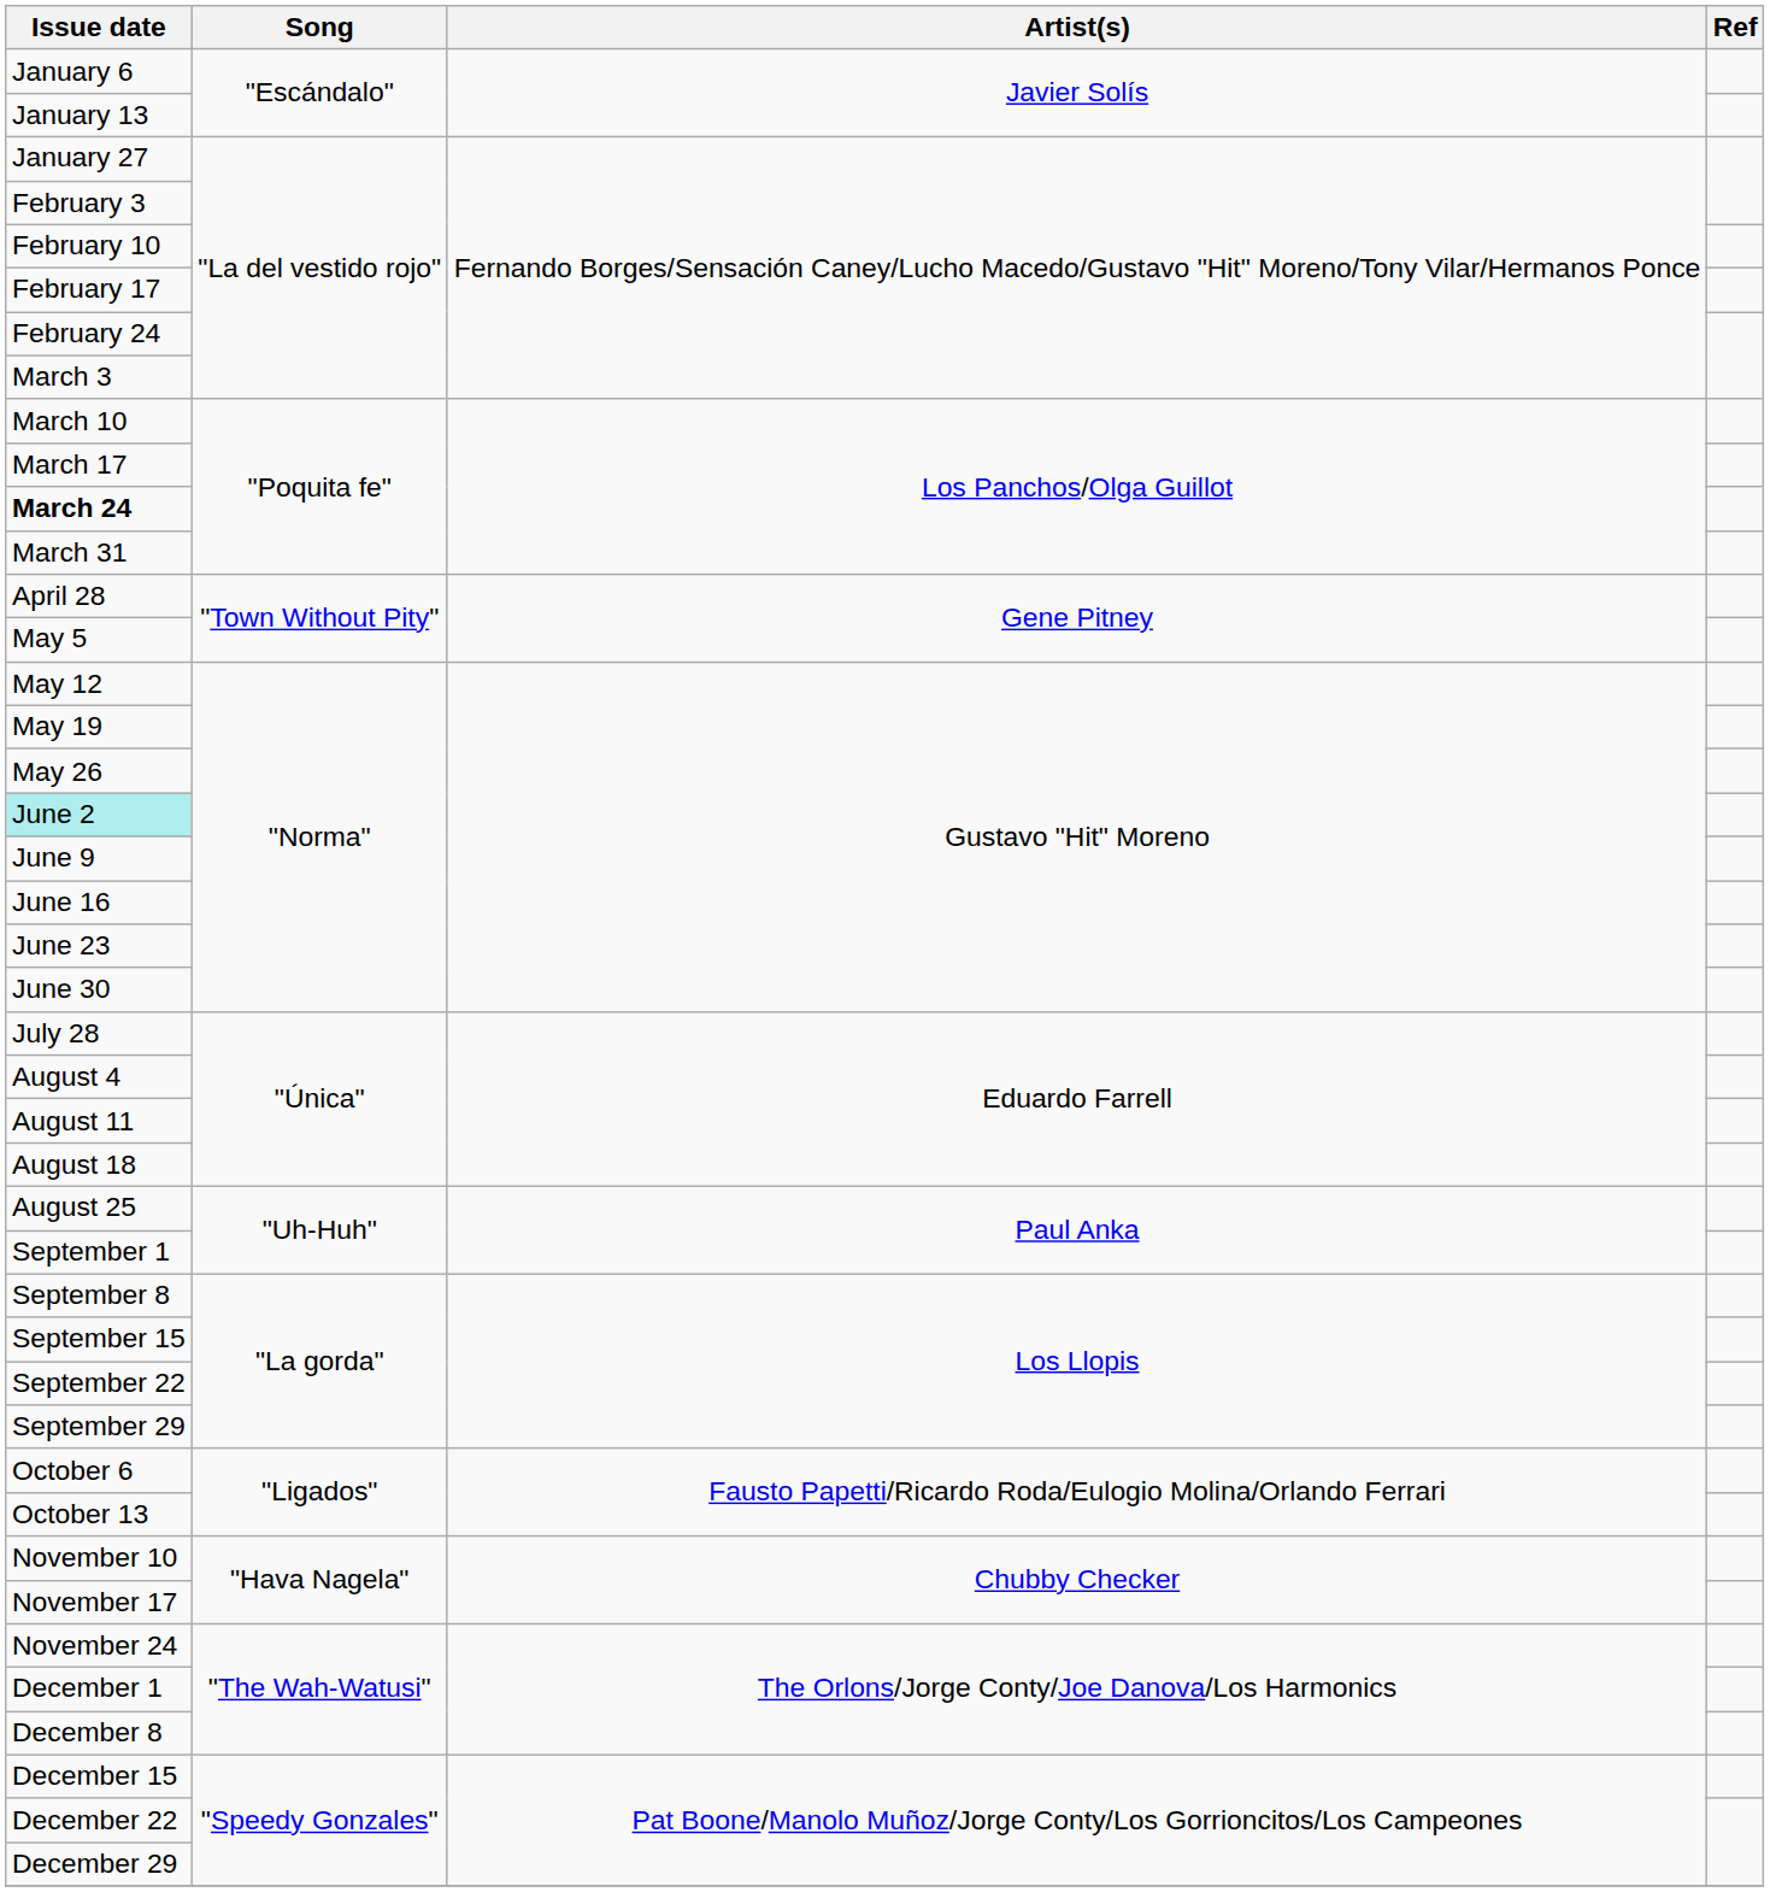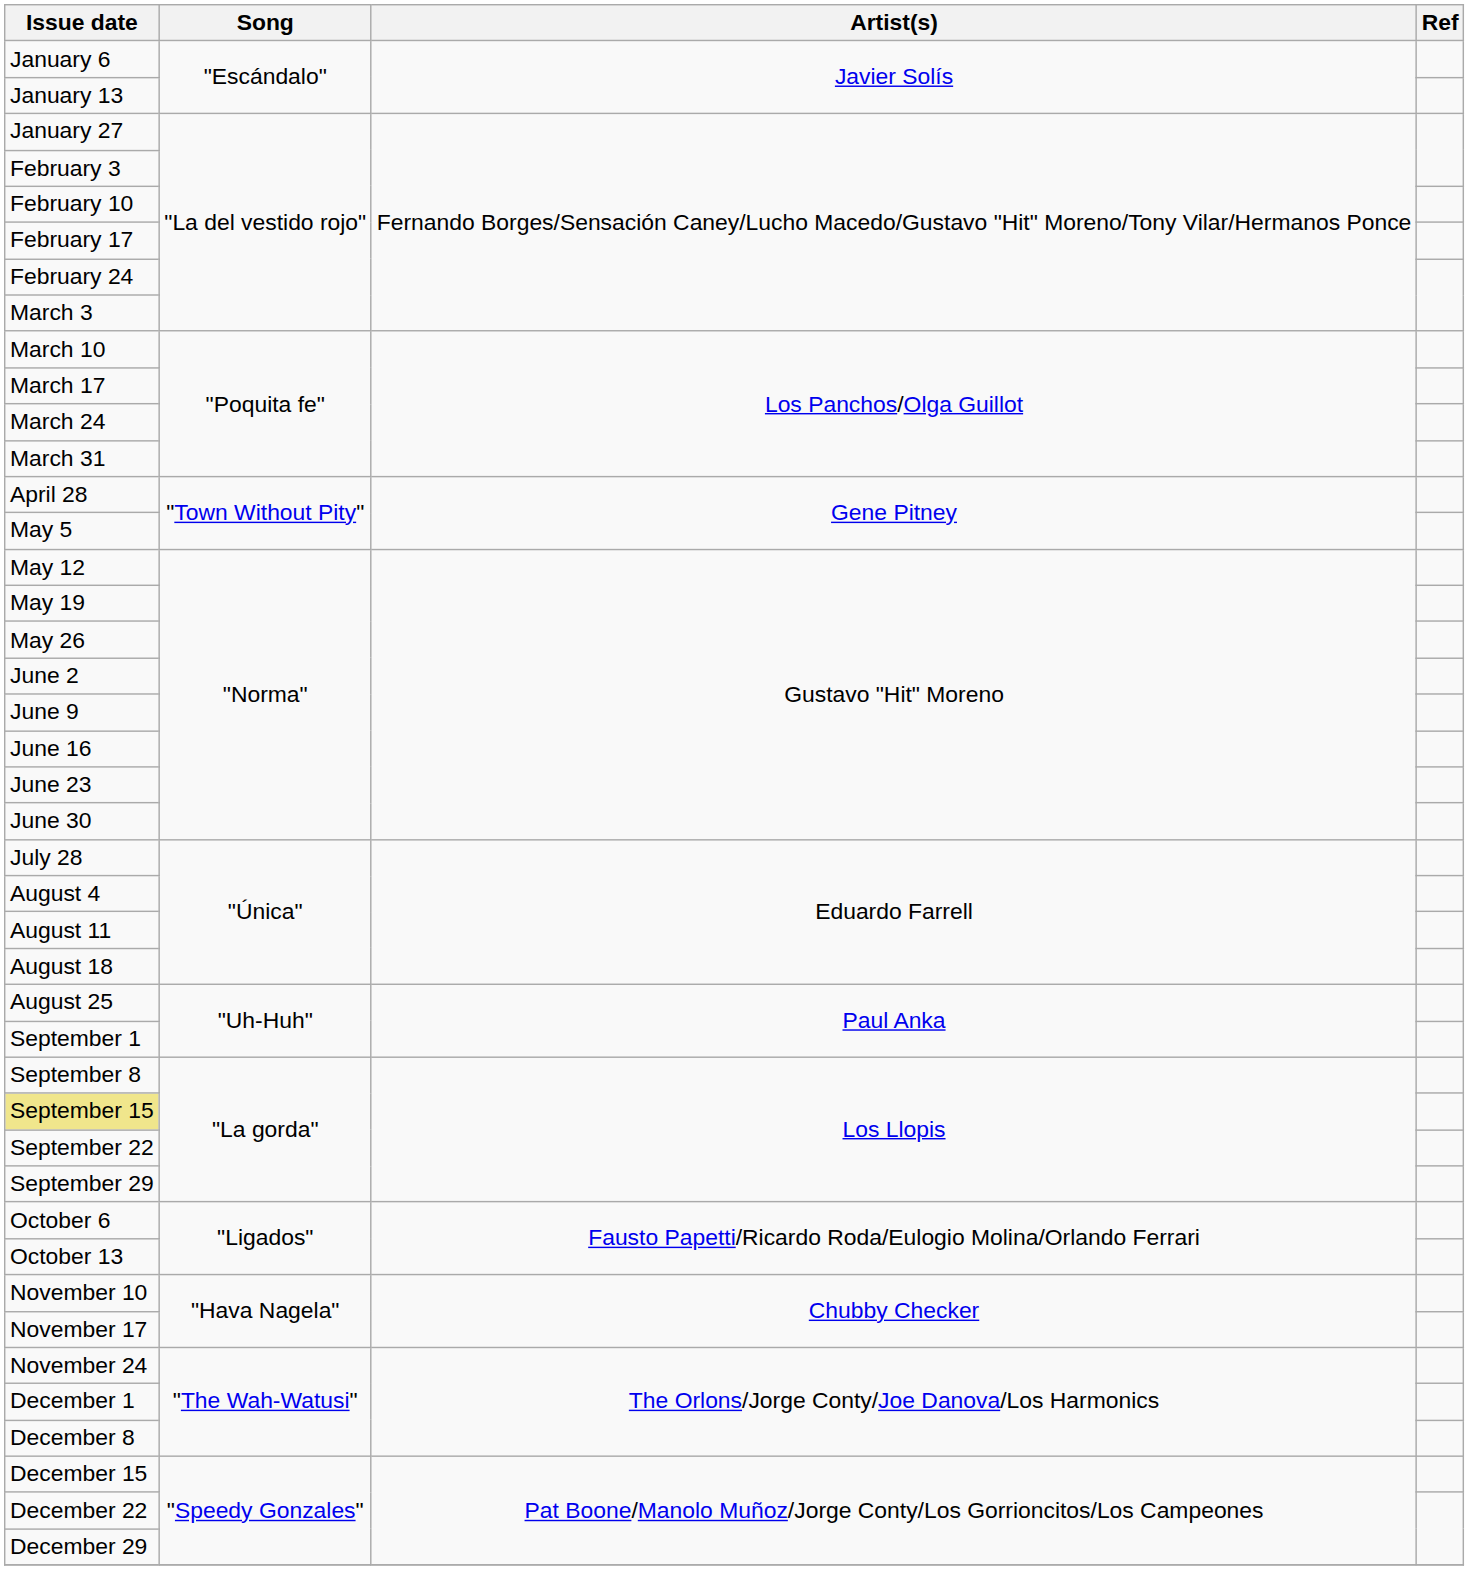 <table class="wikitable">
 <tr>
 <th>Issue date</th>
 <th>Song</th>
 <th>Artist(s)</th>
 <th>Ref</th>
 </tr>
 <tr>
 <td>January 6</td>
 <td align="center" rowspan="2">"Escándalo"</td>
 <td align="center" rowspan="2"><a href='#'>Javier Solís</a></td>
 <td align="center"></td>
 </tr>
 <tr>
 <td>January 13</td>
 <td align="center" rowspan="1"></td>
 </tr>
 <tr>
 <td>January 27</td>
 <td align="center" rowspan="6">"La del vestido rojo"</td>
 <td align="center" rowspan="6">Fernando Borges/Sensación Caney/Lucho Macedo/Gustavo "Hit" Moreno/Tony Vilar/Hermanos Ponce</td>
 <td align="center" rowspan="2"></td>
 </tr>
 <tr>
 <td>February 3</td>
 </tr>
 <tr>
 <td>February 10</td>
 <td align="center"></td>
 </tr>
 <tr>
 <td>February 17</td>
 <td align="center"></td>
 </tr>
 <tr>
 <td>February 24</td>
 <td align="center" rowspan="2"></td>
 </tr>
 <tr>
 <td>March 3</td>
 </tr>
 <tr>
 <td>March 10</td>
 <td align="center" rowspan="4">"Poquita fe"</td>
 <td align="center" rowspan="4"><a href='#'>Los Panchos</a>/<a href='#'>Olga Guillot</a></td>
 <td align="center"></td>
 </tr>
 <tr>
 <td>March 17</td>
 <td></td>
 </tr>
 <tr>
-<td><strong>March 24</strong></td>
+<td>March 24</td>
 <td></td>
 </tr>
 <tr>
 <td>March 31</td>
 <td></td>
 </tr>
 <tr>
 <td>April 28</td>
 <td align="center" rowspan="2">"<a href='#'>Town Without Pity</a>"</td>
 <td align="center" rowspan="2"><a href='#'>Gene Pitney</a></td>
 <td></td>
 </tr>
 <tr>
 <td>May 5</td>
 <td align="center"></td>
 </tr>
 <tr>
 <td>May 12</td>
 <td align="center" rowspan="8">"Norma"</td>
 <td align="center" rowspan="8">Gustavo "Hit" Moreno</td>
 <td></td>
 </tr>
 <tr>
 <td>May 19</td>
 <td></td>
 </tr>
 <tr>
 <td>May 26</td>
 <td></td>
 </tr>
 <tr>
-<td style="background: paleturquoise;">June 2</td>
+<td>June 2</td>
 <td></td>
 </tr>
 <tr>
 <td>June 9</td>
 <td align="center"></td>
 </tr>
 <tr>
 <td>June 16</td>
 <td></td>
 </tr>
 <tr>
 <td>June 23</td>
 <td></td>
 </tr>
 <tr>
 <td>June 30</td>
 <td></td>
 </tr>
 <tr>
 <td>July 28</td>
 <td align="center" rowspan="4">"Única"</td>
 <td align="center" rowspan="4">Eduardo Farrell</td>
 <td align="center"></td>
 </tr>
 <tr>
 <td>August 4</td>
 <td></td>
 </tr>
 <tr>
 <td>August 11</td>
 <td></td>
 </tr>
 <tr>
 <td>August 18</td>
 <td></td>
 </tr>
 <tr>
 <td>August 25</td>
 <td align="center" rowspan="2">"Uh-Huh"</td>
 <td align="center" rowspan="2"><a href='#'>Paul Anka</a></td>
 <td></td>
 </tr>
 <tr>
 <td>September 1</td>
 <td></td>
 </tr>
 <tr>
 <td>September 8</td>
 <td align="center" rowspan="4">"La gorda"</td>
 <td align="center" rowspan="4"><a href='#'>Los Llopis</a></td>
 <td></td>
 </tr>
 <tr>
-<td>September 15</td>
+<td style="background: khaki;">September 15</td>
 <td></td>
 </tr>
 <tr>
 <td>September 22</td>
 <td></td>
 </tr>
 <tr>
 <td>September 29</td>
 <td></td>
 </tr>
 <tr>
 <td>October 6</td>
 <td align="center" rowspan="2">"Ligados"</td>
 <td align="center" rowspan="2"><a href='#'>Fausto Papetti</a>/Ricardo Roda/Eulogio Molina/Orlando Ferrari</td>
 <td></td>
 </tr>
 <tr>
 <td>October 13</td>
 <td></td>
 </tr>
 <tr>
 <td>November 10</td>
 <td align="center" rowspan="2">"Hava Nagela"</td>
 <td align="center" rowspan="2"><a href='#'>Chubby Checker</a></td>
 <td></td>
 </tr>
 <tr>
 <td>November 17</td>
 <td></td>
 </tr>
 <tr>
 <td>November 24</td>
 <td align="center" rowspan="3">"<a href='#'>The Wah-Watusi</a>"</td>
 <td align="center" rowspan="3"><a href='#'>The Orlons</a>/Jorge Conty/<a href='#'>Joe Danova</a>/Los Harmonics</td>
 <td></td>
 </tr>
 <tr>
 <td>December 1</td>
 <td align="center"></td>
 </tr>
 <tr>
 <td>December 8</td>
 <td></td>
 </tr>
 <tr>
 <td>December 15</td>
 <td align="center" rowspan="3">"<a href='#'>Speedy Gonzales</a>"</td>
 <td align="center" rowspan="3"><a href='#'>Pat Boone</a>/<a href='#'>Manolo Muñoz</a>/Jorge Conty/Los Gorrioncitos/Los Campeones</td>
 <td></td>
 </tr>
 <tr>
 <td>December 22</td>
 <td align="center" rowspan="2"></td>
 </tr>
 <tr>
 <td>December 29</td>
 </tr>
 <tr>
 </tr>
 </table>
